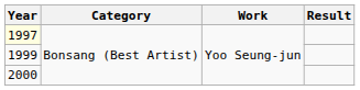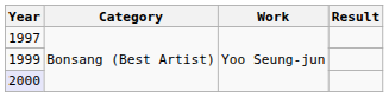 <table class="wikitable sortable" style="text-align: center;">
 <tr>
 <th>Year</th>
 <th>Category</th>
 <th>Work</th>
 <th>Result</th>
 </tr>
 <tr>
-<td style="background: lightyellow;">1997</td>
+<td>1997</td>
 <td rowspan="3">Bonsang (Best Artist)</td>
 <td rowspan="3">Yoo Seung-jun</td>
 <td></td>
 </tr>
 <tr>
 <td>1999</td>
 <td></td>
 </tr>
 <tr>
-<td>2000</td>
+<td style="background: lavender;">2000</td>
 <td></td>
 </tr>
 </table>
